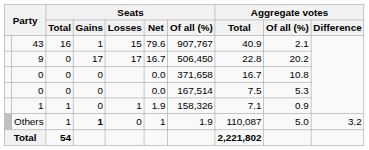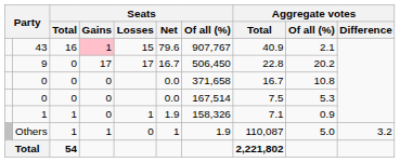 <table class="wikitable sortable" style="text-align:right; font-size:95%;">
 <tr>
 <th colspan="2" rowspan="2">Party</th>
 <th colspan="5">Seats</th>
 <th colspan="3">Aggregate votes</th>
 </tr>
 <tr>
 <th>Total</th>
 <th>Gains</th>
 <th>Losses</th>
 <th>Net</th>
 <th>Of all (%)</th>
 <th>Total</th>
 <th>Of all (%)</th>
 <th>Difference</th>
 </tr>
 <tr>
 <td></td>
 <td>43</td>
 <td>16</td>
-<td>1</td>
+<td style="background: pink;">1</td>
 <td>15</td>
 <td>79.6</td>
 <td>907,767</td>
 <td>40.9</td>
 <td>2.1</td>
 </tr>
 <tr>
 <td></td>
 <td>9</td>
 <td>0</td>
 <td>17</td>
 <td>17</td>
 <td>16.7</td>
 <td>506,450</td>
 <td>22.8</td>
 <td>20.2</td>
 </tr>
 <tr>
 <td></td>
 <td>0</td>
 <td>0</td>
 <td>0</td>
 <td></td>
 <td>0.0</td>
 <td>371,658</td>
 <td>16.7</td>
 <td>10.8</td>
 </tr>
 <tr>
 <td></td>
 <td>0</td>
 <td>0</td>
 <td>0</td>
 <td></td>
 <td>0.0</td>
 <td>167,514</td>
 <td>7.5</td>
 <td>5.3</td>
 </tr>
 <tr>
 <td></td>
 <td>1</td>
 <td>1</td>
 <td>0</td>
 <td>1</td>
 <td>1.9</td>
 <td>158,326</td>
 <td>7.1</td>
 <td>0.9</td>
 </tr>
 <tr>
 <td style="background:silver;"> </td>
 <td align=left>Others</td>
 <td>1</td>
-<td><strong>1</strong></td>
+<td>1</td>
 <td>0</td>
 <td>1</td>
 <td>1.9</td>
 <td>110,087</td>
 <td>5.0</td>
 <td>3.2</td>
 </tr>
 <tr class="sortbottom" style="font-weight:bold;">
 <th colspan="2" scope="row" style="background-color:#f2f2f2;">Total</th>
 <td>54</td>
 <td></td>
 <td></td>
 <td></td>
 <td></td>
 <td>2,221,802</td>
 <td></td>
 <td></td>
 </tr>
 </table>
